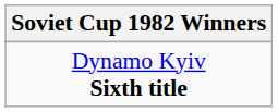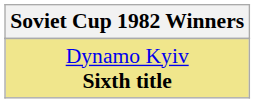 <table class="wikitable" style="text-align: center; margin: 0 auto;">
 <tr>
 <th>Soviet Cup 1982 Winners</th>
 </tr>
 <tr>
 </tr>
 <tr>
-<td><a href='#'>Dynamo Kyiv</a><br><strong>Sixth title</strong></td>
+<td style="background: khaki;"><a href='#'>Dynamo Kyiv</a><br><strong>Sixth title</strong></td>
 </tr>
 </table>
